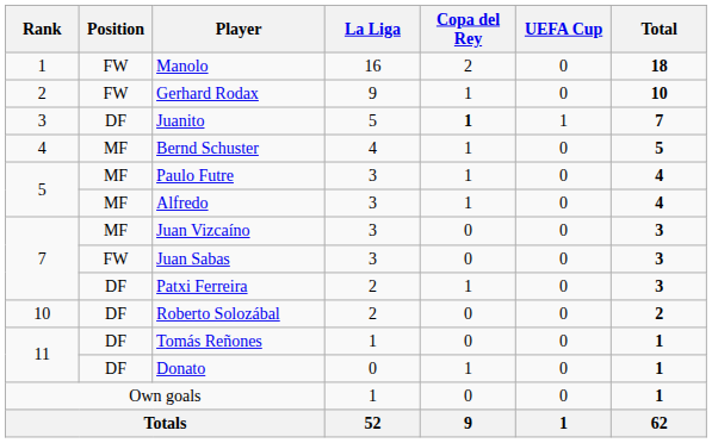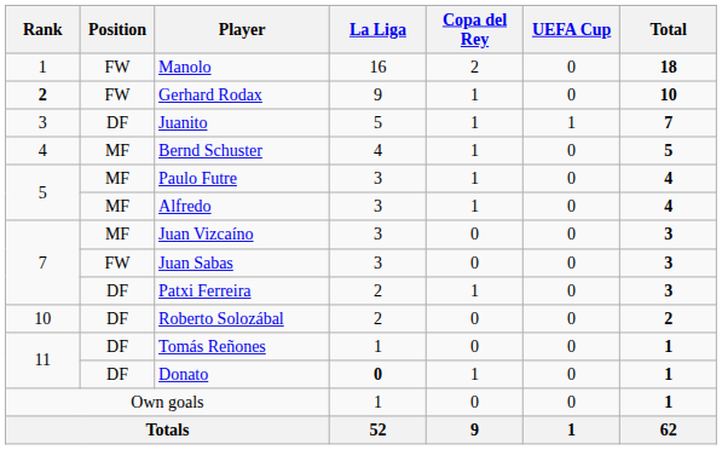 <table class="wikitable" style="font-size: 95%; text-align: center">
 <tr>
 <th width=60>Rank</th>
 <th width=60>Position</th>
 <th width=150>Player</th>
 <th width=80><a href='#'>La Liga</a></th>
 <th width=80><a href='#'>Copa del Rey</a></th>
 <th width=80><a href='#'>UEFA Cup</a></th>
 <th width=80><strong>Total</strong></th>
 </tr>
 <tr>
 <td>1</td>
 <td>FW</td>
 <td align=left> <a href='#'>Manolo</a></td>
 <td>16</td>
 <td>2</td>
 <td>0</td>
 <td><strong>18</strong></td>
 </tr>
 <tr>
-<td>2</td>
+<td><strong>2</strong></td>
 <td>FW</td>
 <td align=left> <a href='#'>Gerhard Rodax</a></td>
 <td>9</td>
 <td>1</td>
 <td>0</td>
 <td><strong>10</strong></td>
 </tr>
 <tr>
 <td>3</td>
 <td>DF</td>
 <td align=left> <a href='#'>Juanito</a></td>
 <td>5</td>
-<td><strong>1</strong></td>
+<td>1</td>
 <td>1</td>
 <td><strong>7</strong></td>
 </tr>
 <tr>
 <td>4</td>
 <td>MF</td>
 <td align=left> <a href='#'>Bernd Schuster</a></td>
 <td>4</td>
 <td>1</td>
 <td>0</td>
 <td><strong>5</strong></td>
 </tr>
 <tr>
 <td rowspan=2>5</td>
 <td>MF</td>
 <td align=left> <a href='#'>Paulo Futre</a></td>
 <td>3</td>
 <td>1</td>
 <td>0</td>
 <td><strong>4</strong></td>
 </tr>
 <tr>
 <td>MF</td>
 <td align=left> <a href='#'>Alfredo</a></td>
 <td>3</td>
 <td>1</td>
 <td>0</td>
 <td><strong>4</strong></td>
 </tr>
 <tr>
 <td rowspan=3>7</td>
 <td>MF</td>
 <td align=left> <a href='#'>Juan Vizcaíno</a></td>
 <td>3</td>
 <td>0</td>
 <td>0</td>
 <td><strong>3</strong></td>
 </tr>
 <tr>
 <td>FW</td>
 <td align=left> <a href='#'>Juan Sabas</a></td>
 <td>3</td>
 <td>0</td>
 <td>0</td>
 <td><strong>3</strong></td>
 </tr>
 <tr>
 <td>DF</td>
 <td align=left> <a href='#'>Patxi Ferreira</a></td>
 <td>2</td>
 <td>1</td>
 <td>0</td>
 <td><strong>3</strong></td>
 </tr>
 <tr>
 <td>10</td>
 <td>DF</td>
 <td align=left> <a href='#'>Roberto Solozábal</a></td>
 <td>2</td>
 <td>0</td>
 <td>0</td>
 <td><strong>2</strong></td>
 </tr>
 <tr>
 <td rowspan=2>11</td>
 <td>DF</td>
 <td align=left> <a href='#'>Tomás Reñones</a></td>
 <td>1</td>
 <td>0</td>
 <td>0</td>
 <td><strong>1</strong></td>
 </tr>
 <tr>
 <td>DF</td>
 <td align=left> <a href='#'>Donato</a></td>
-<td>0</td>
+<td><strong>0</strong></td>
 <td>1</td>
 <td>0</td>
 <td><strong>1</strong></td>
 </tr>
 <tr>
 <td colspan=3>Own goals</td>
 <td>1</td>
 <td>0</td>
 <td>0</td>
 <td><strong>1</strong></td>
 </tr>
 <tr>
 <th colspan=3>Totals</th>
 <th>52</th>
 <th>9</th>
 <th>1</th>
 <th>62</th>
 </tr>
 </table>
